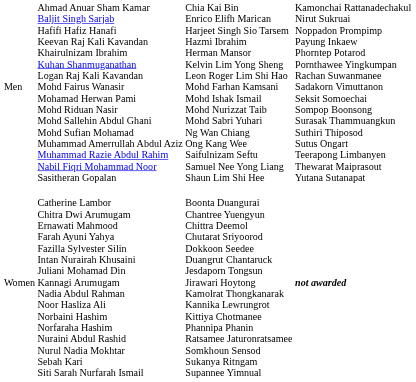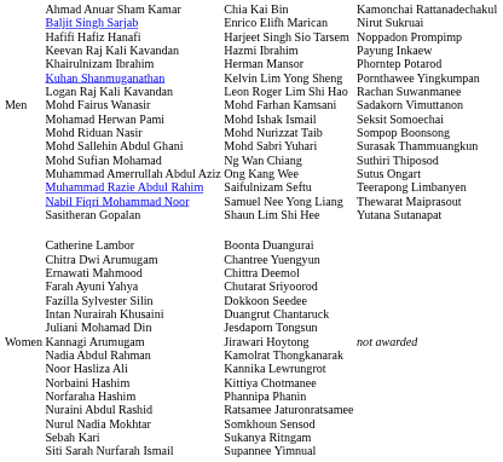 <table>
 <tr>
 <td>Men</td>
 <td nowrap=true><br>Ahmad Anuar Sham Kamar<br><a href='#'>Baljit Singh Sarjab</a><br>Hafifi Hafiz Hanafi<br>Keevan Raj Kali Kavandan<br>Khairulnizam Ibrahim<br><a href='#'>Kuhan Shanmuganathan</a><br>Logan Raj Kali Kavandan<br>Mohd Fairus Wanasir<br>Mohamad Herwan Pami<br>Mohd Riduan Nasir<br>Mohd Sallehin Abdul Ghani<br>Mohd Sufian Mohamad<br>Muhammad Amerrullah Abdul Aziz<br><a href='#'>Muhammad Razie Abdul Rahim</a><br><a href='#'>Nabil Fiqri Mohammad Noor</a><br>Sasitheran Gopalan</td>
 <td><br>Chia Kai Bin<br>Enrico Elifh Marican<br>Harjeet Singh Sio Tarsem<br>Hazmi Ibrahim<br>Herman Mansor<br>Kelvin Lim Yong Sheng<br>Leon Roger Lim Shi Hao<br>Mohd Farhan Kamsani<br>Mohd Ishak Ismail<br>Mohd Nurizzat Taib<br>Mohd Sabri Yuhari<br>Ng Wan Chiang<br>Ong Kang Wee<br>Saifulnizam Seftu<br>Samuel Nee Yong Liang<br>Shaun Lim Shi Hee</td>
 <td nowrap=true><br>Kamonchai Rattanadechakul<br>Nirut Sukruai<br>Noppadon Prompimp<br>Payung Inkaew<br>Phorntep Potarod<br>Pornthawee Yingkumpan<br>Rachan Suwanmanee<br>Sadakorn Vimuttanon<br>Seksit Somoechai<br>Sompop Boonsong<br>Surasak Thammuangkun<br>Suthiri Thiposod<br>Sutus Ongart<br>Teerapong Limbanyen<br>Thewarat Maiprasout<br>Yutana Sutanapat</td>
 </tr>
 <tr>
 <td>Women</td>
 <td><br>Catherine Lambor<br>Chitra Dwi Arumugam<br>Ernawati Mahmood<br>Farah Ayuni Yahya<br>Fazilla Sylvester Silin<br>Intan Nurairah Khusaini<br>Juliani Mohamad Din<br>Kannagi Arumugam<br>Nadia Abdul Rahman<br>Noor Hasliza Ali<br>Norbaini Hashim<br>Norfaraha Hashim<br>Nuraini Abdul Rashid<br>Nurul Nadia Mokhtar<br>Sebah Kari<br>Siti Sarah Nurfarah Ismail</td>
 <td nowrap=true><br>Boonta Duangurai<br>Chantree Yuengyun<br>Chittra Deemol<br>Chutarat Sriyoorod<br>Dokkoon Seedee<br>Duangrut Chantaruck<br>Jesdaporn Tongsun<br>Jirawari Hoytong<br>Kamolrat Thongkanarak<br>Kannika Lewrungrot<br>Kittiya Chotmanee<br>Phannipa Phanin<br>Ratsamee Jaturonratsamee<br>Somkhoun Sensod<br>Sukanya Ritngam<br>Supannee Yimnual</td>
-<td><strong><em>not awarded</em></strong></td>
+<td><em>not awarded</em></td>
 </tr>
 </table>
